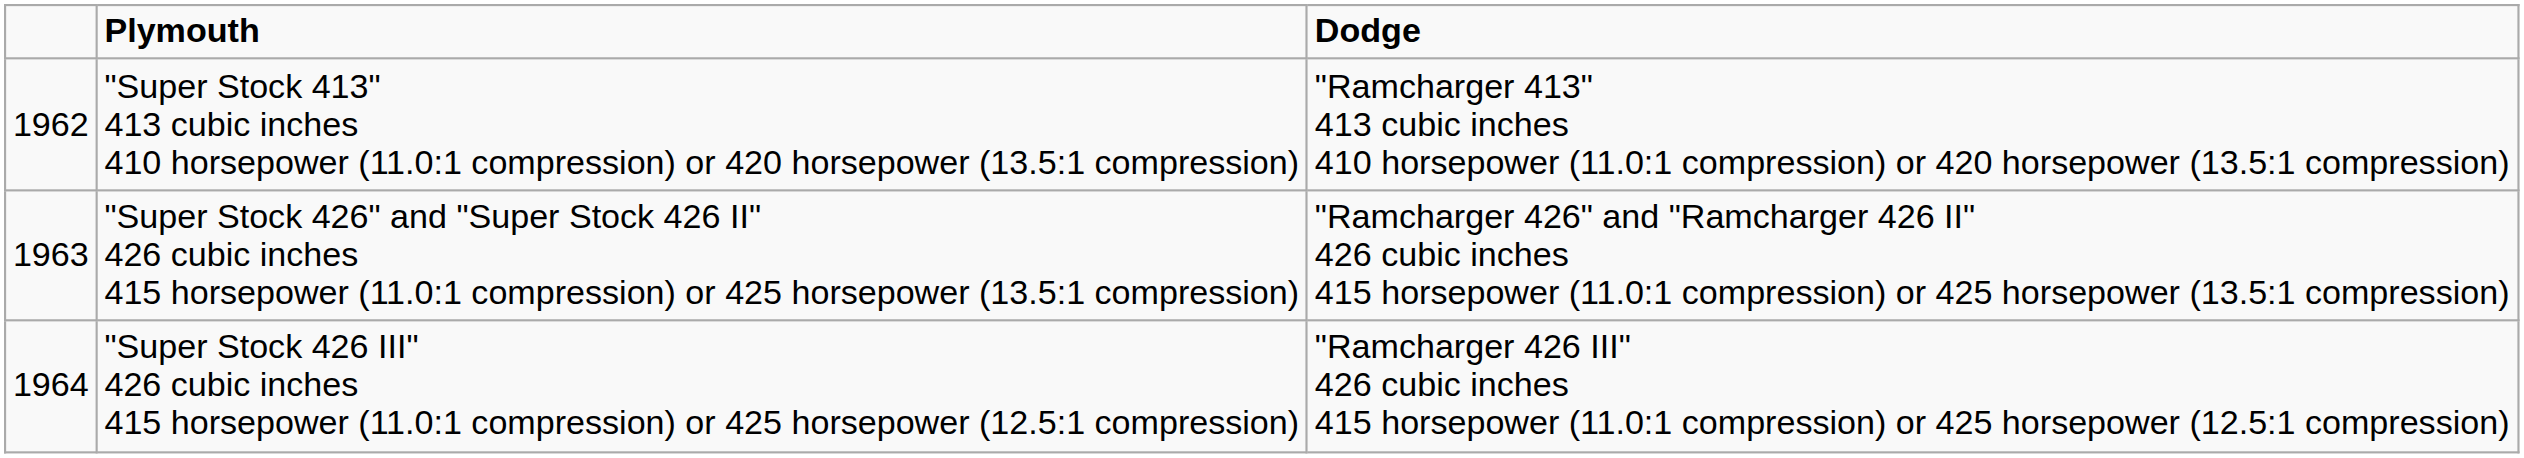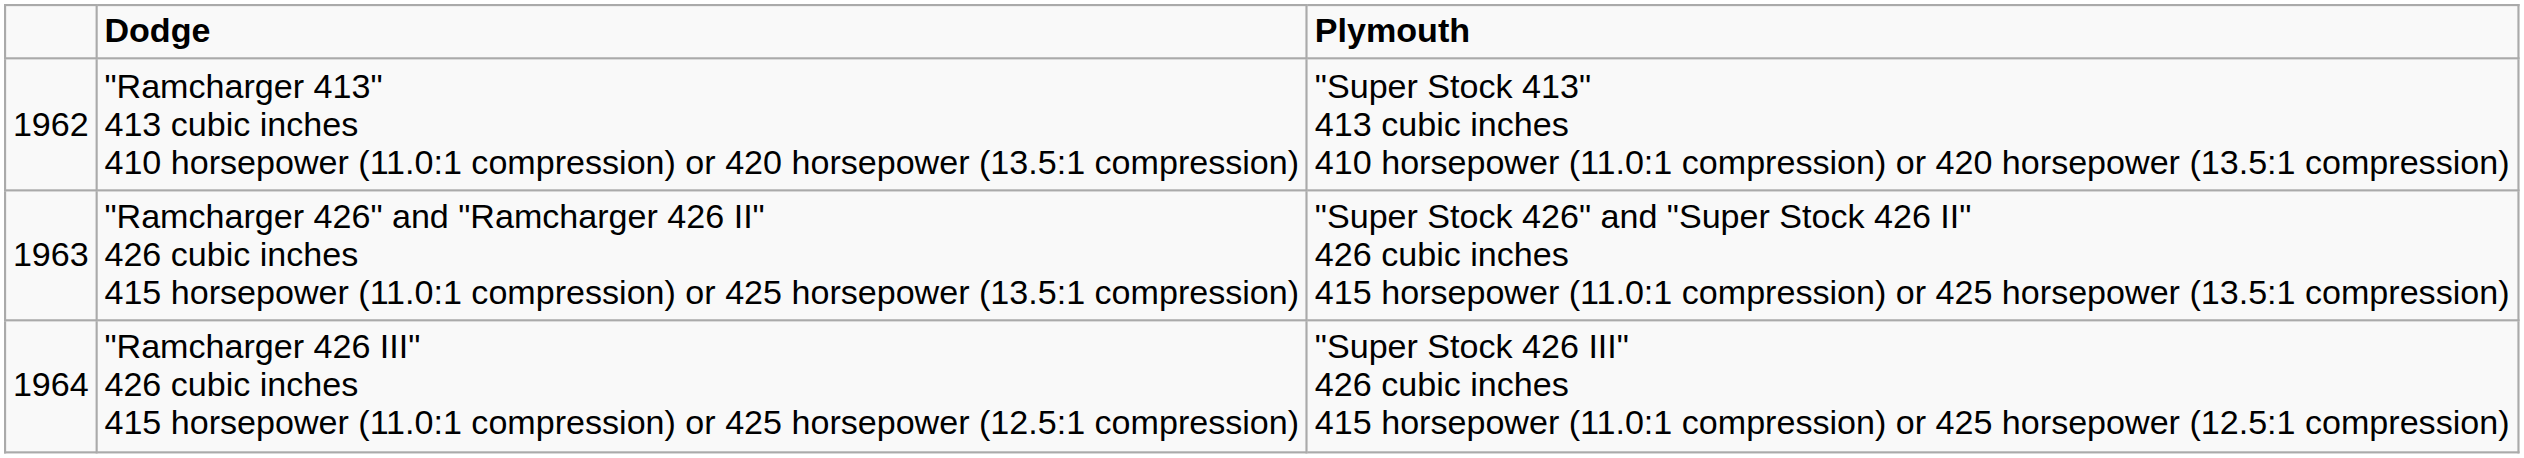 <table class="wikitable">
 <tr>
 <td></td>
+<td><strong>Dodge</strong></td>
 <td><strong>Plymouth</strong></td>
-<td><strong>Dodge</strong></td>
 </tr>
 <tr>
 <td>1962</td>
+<td>"Ramcharger 413"<br>413 cubic  inches<br>410  horsepower (11.0:1 compression) or 420 horsepower (13.5:1 compression)</td>
 <td>"Super  Stock 413"<br>413 cubic  inches<br>410  horsepower (11.0:1 compression) or 420 horsepower (13.5:1 compression)</td>
-<td>"Ramcharger 413"<br>413 cubic  inches<br>410  horsepower (11.0:1 compression) or 420 horsepower (13.5:1 compression)</td>
 </tr>
 <tr>
 <td>1963</td>
+<td>"Ramcharger 426" and "Ramcharger 426 II"<br>426 cubic  inches<br>415  horsepower (11.0:1 compression) or 425 horsepower (13.5:1 compression)</td>
 <td>"Super Stock 426" and "Super Stock 426 II"<br>426 cubic  inches<br>415  horsepower (11.0:1 compression) or 425 horsepower (13.5:1 compression)</td>
-<td>"Ramcharger 426" and "Ramcharger 426 II"<br>426 cubic  inches<br>415  horsepower (11.0:1 compression) or 425 horsepower (13.5:1 compression)</td>
 </tr>
 <tr>
 <td>1964</td>
+<td>"Ramcharger 426 III"<br>426 cubic  inches<br>415  horsepower (11.0:1 compression) or 425 horsepower (12.5:1 compression)</td>
 <td>"Super Stock 426 III"<br>426 cubic  inches<br>415  horsepower (11.0:1 compression) or 425 horsepower (12.5:1 compression)</td>
-<td>"Ramcharger 426 III"<br>426 cubic  inches<br>415  horsepower (11.0:1 compression) or 425 horsepower (12.5:1 compression)</td>
 </tr>
 </table>
